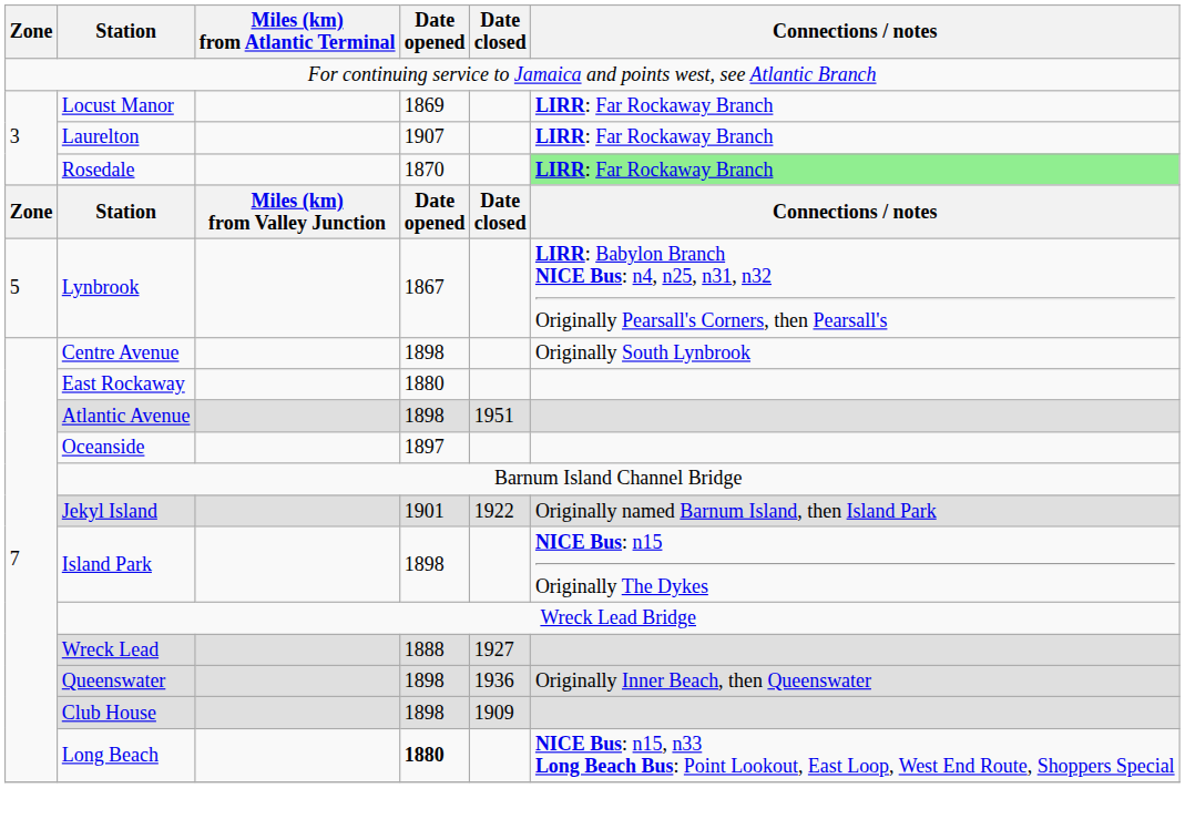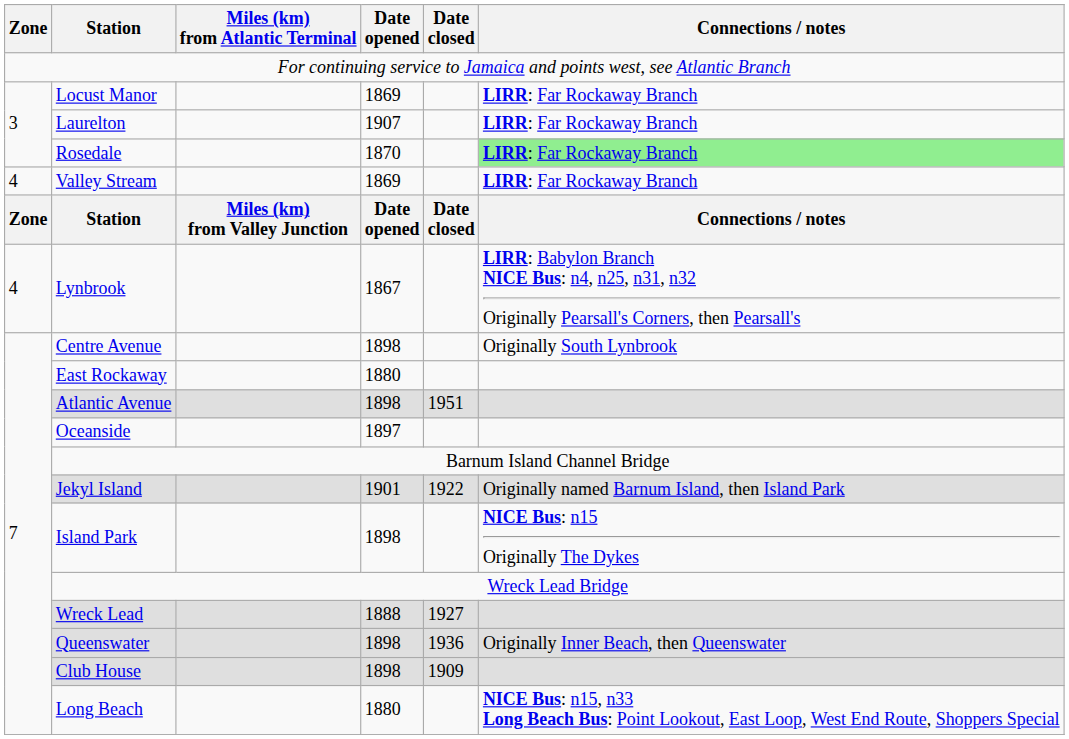 <table class="wikitable" style="font-size: 100%;" |>
 <tr>
 <th style="background:#">Zone</th>
 <th style="background:#">Station</th>
 <th style="background:#"><a href='#'>Miles (km)</a><br>from <a href='#'>Atlantic Terminal</a></th>
 <th style="background:#">Date<br>opened</th>
 <th style="background:#">Date<br>closed</th>
 <th style="background:#">Connections / notes</th>
 </tr>
 <tr>
 <td colspan="6" align="center"><em>For continuing service to <a href='#'>Jamaica</a> and points west, see <a href='#'>Atlantic Branch</a></em></td>
 </tr>
 <tr>
 <td rowspan=3>3</td>
 <td><a href='#'>Locust Manor</a></td>
 <td></td>
 <td>1869</td>
 <td></td>
 <td> <strong><a href='#'>LIRR</a></strong>: <a href='#'>Far Rockaway Branch</a></td>
 </tr>
 <tr>
 <td><a href='#'>Laurelton</a></td>
 <td></td>
 <td>1907</td>
 <td></td>
 <td> <strong><a href='#'>LIRR</a></strong>: <a href='#'>Far Rockaway Branch</a></td>
 </tr>
 <tr>
 <td><a href='#'>Rosedale</a> </td>
 <td></td>
 <td>1870</td>
 <td></td>
 <td style="background: lightgreen;"> <strong><a href='#'>LIRR</a></strong>: <a href='#'>Far Rockaway Branch</a></td>
 </tr>
 <tr>
+<td>4</td>
+<td><a href='#'>Valley Stream</a> </td>
+<td></td>
+<td>1869</td>
+<td></td>
+<td> <strong><a href='#'>LIRR</a></strong>: <a href='#'>Far Rockaway Branch</a></td>
+</tr>
+<tr>
 <th style="background:#">Zone</th>
 <th style="background:#">Station</th>
 <th style="background:#"><a href='#'>Miles (km)</a><br>from Valley Junction</th>
 <th style="background:#">Date<br>opened</th>
 <th style="background:#">Date<br>closed</th>
 <th style="background:#">Connections / notes</th>
 </tr>
 <tr>
-<td>5</td>
+<td>4</td>
 <td><a href='#'>Lynbrook</a> </td>
 <td></td>
 <td>1867</td>
 <td></td>
 <td> <strong><a href='#'>LIRR</a></strong>: <a href='#'>Babylon Branch</a><br> <strong><a href='#'>NICE Bus</a></strong>: <a href='#'>n4</a>, <a href='#'>n25</a>, <a href='#'>n31</a>, <a href='#'>n32</a><hr>Originally <a href='#'>Pearsall's Corners</a>, then <a href='#'>Pearsall's</a></td>
 </tr>
 <tr>
 <td rowspan=12>7</td>
 <td><a href='#'>Centre Avenue</a> </td>
 <td></td>
 <td>1898</td>
 <td></td>
 <td>Originally <a href='#'>South Lynbrook</a></td>
 </tr>
 <tr>
 <td><a href='#'>East Rockaway</a> </td>
 <td></td>
 <td>1880</td>
 <td></td>
 <td></td>
 </tr>
 <tr bgcolor=dfdfdf>
 <td><a href='#'>Atlantic Avenue</a></td>
 <td></td>
 <td>1898</td>
 <td>1951</td>
 <td></td>
 </tr>
 <tr>
 <td><a href='#'>Oceanside</a> </td>
 <td></td>
 <td>1897</td>
 <td></td>
 <td></td>
 </tr>
 <tr>
 <td colspan="5" align="center">Barnum Island Channel Bridge</td>
 </tr>
 <tr bgcolor=dfdfdf>
 <td><a href='#'>Jekyl Island</a></td>
 <td></td>
 <td>1901</td>
 <td>1922</td>
 <td>Originally named <a href='#'>Barnum Island</a>, then <a href='#'>Island Park</a></td>
 </tr>
 <tr>
 <td><a href='#'>Island Park</a> </td>
 <td></td>
 <td>1898</td>
 <td></td>
 <td> <strong><a href='#'>NICE Bus</a></strong>: <a href='#'>n15</a><hr>Originally <a href='#'>The Dykes</a></td>
 </tr>
 <tr>
 <td colspan="5" align="center"><a href='#'>Wreck Lead Bridge</a></td>
 </tr>
 <tr bgcolor=dfdfdf>
 <td><a href='#'>Wreck Lead</a></td>
 <td></td>
 <td>1888</td>
 <td>1927</td>
 <td></td>
 </tr>
 <tr bgcolor=dfdfdf>
 <td><a href='#'>Queenswater</a></td>
 <td></td>
 <td>1898</td>
 <td>1936</td>
 <td>Originally <a href='#'>Inner Beach</a>, then <a href='#'>Queenswater</a></td>
 </tr>
 <tr bgcolor=dfdfdf>
 <td><a href='#'>Club House</a></td>
 <td></td>
 <td>1898</td>
 <td>1909</td>
 <td></td>
 </tr>
 <tr>
 <td><a href='#'>Long Beach</a> </td>
 <td></td>
-<td><strong>1880</strong></td>
+<td>1880</td>
 <td></td>
 <td> <strong><a href='#'>NICE Bus</a></strong>: <a href='#'>n15</a>, <a href='#'>n33</a><br> <strong><a href='#'>Long Beach Bus</a></strong>: <a href='#'>Point Lookout</a>, <a href='#'>East Loop</a>, <a href='#'>West End Route</a>, <a href='#'>Shoppers Special</a></td>
 </tr>
 <tr>
 </tr>
 </table>
